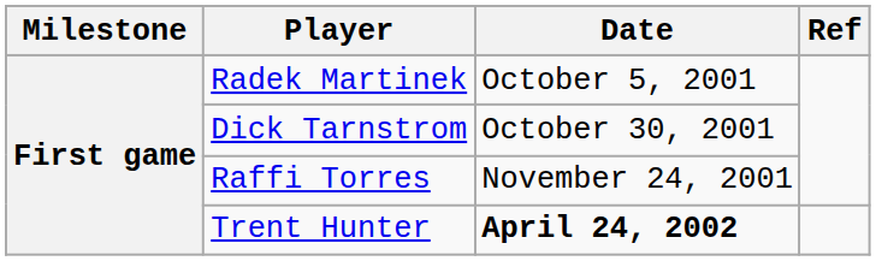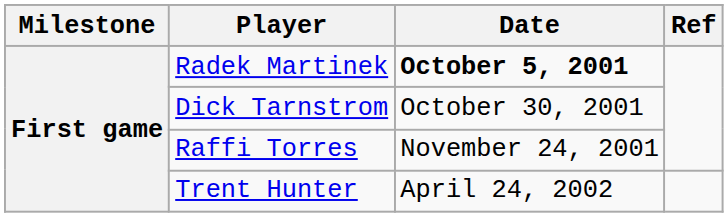 <table class="wikitable">
 <tr>
 <th scope="col">Milestone</th>
 <th scope="col">Player</th>
 <th scope="col">Date</th>
 <th scope="col">Ref</th>
 </tr>
 <tr>
 <th rowspan=4>First game</th>
 <td><a href='#'>Radek Martinek</a></td>
-<td>October 5, 2001</td>
+<td><strong>October 5, 2001</strong></td>
 <td rowspan=3></td>
 </tr>
 <tr>
 <td><a href='#'>Dick Tarnstrom</a></td>
 <td>October 30, 2001</td>
 </tr>
 <tr>
 <td><a href='#'>Raffi Torres</a></td>
 <td>November 24, 2001</td>
 </tr>
 <tr>
 <td><a href='#'>Trent Hunter</a></td>
-<td><strong>April 24, 2002</strong></td>
+<td>April 24, 2002</td>
 <td></td>
 </tr>
 </table>
